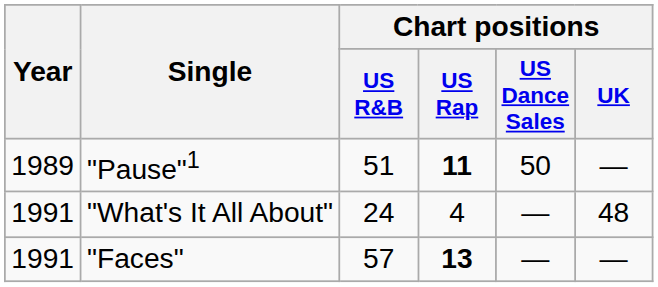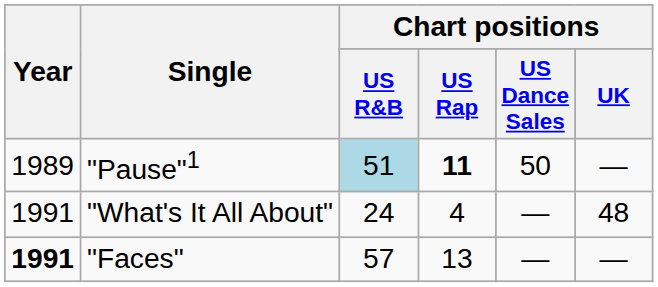 <table class="wikitable">
 <tr>
 <th rowspan="2">Year</th>
 <th rowspan="2">Single</th>
 <th colspan="8">Chart positions</th>
 </tr>
 <tr>
 <th scope="col" style="width:3em;font-size:80%;"><a href='#'>US R&B</a><br></th>
 <th scope="col" style="width:3em;font-size:80%;"><a href='#'>US Rap</a><br></th>
 <th scope="col" style="width:3em;font-size:80%;"><a href='#'>US Dance Sales</a><br></th>
 <th scope="col" style="width:3em;font-size:80%;"><a href='#'>UK</a><br></th>
 </tr>
 <tr>
 <td>1989</td>
 <td align="left">"Pause"<sup>1</sup></td>
-<td style="text-align:center;">51</td>
+<td style="background: lightblue; text-align:center;">51</td>
 <td style="text-align:center;"><strong>11</strong></td>
 <td style="text-align:center;">50</td>
 <td style="text-align:center;">—</td>
 </tr>
 <tr>
 <td>1991</td>
 <td align="left">"What's It All About"</td>
 <td style="text-align:center;">24</td>
 <td style="text-align:center;">4</td>
 <td style="text-align:center;">—</td>
 <td style="text-align:center;">48</td>
 </tr>
 <tr>
-<td>1991</td>
+<td><strong>1991</strong></td>
 <td align="left">"Faces"</td>
 <td style="text-align:center;">57</td>
-<td style="text-align:center;"><strong>13</strong></td>
+<td style="text-align:center;">13</td>
 <td style="text-align:center;">—</td>
 <td style="text-align:center;">—</td>
 </tr>
 </table>
